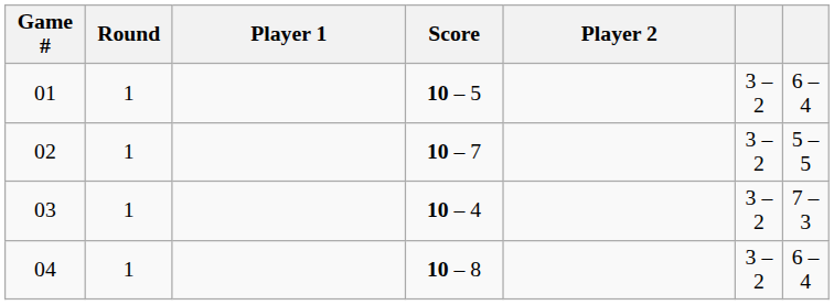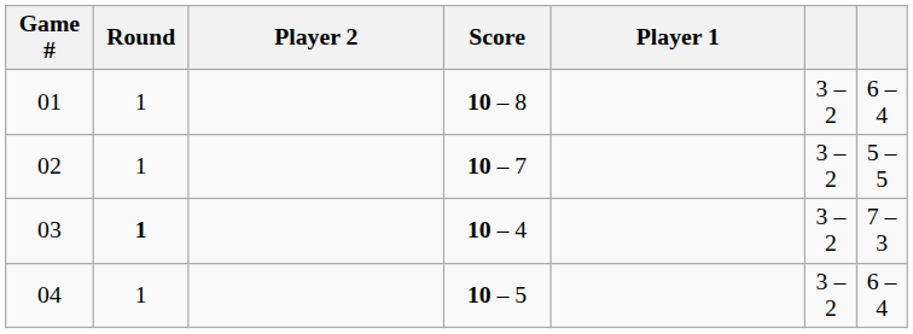 <table class="wikitable">
 <tr>
 <th width="2%">Game #</th>
 <th width="2%">Round</th>
+<th width="15%">Player 2</th>
+<th width="5%">Score</th>
 <th width="15%">Player 1</th>
-<th width="5%">Score</th>
-<th width="15%">Player 2</th>
 <th width="3%"></th>
 <th width="3%"></th>
 </tr>
 <tr style=text-align:center;"background:#;">
 <td>01</td>
 <td>1</td>
+<td></td>
+<td><strong>10</strong> – 8</td>
 <td><strong></strong></td>
-<td><strong>10</strong> – 5</td>
-<td></td>
 <td>3 – 2</td>
 <td>6 – 4</td>
 </tr>
 <tr style=text-align:center;"background:#;">
 <td>02</td>
 <td>1</td>
+<td></td>
+<td><strong>10</strong> – 7</td>
 <td><strong></strong></td>
-<td><strong>10</strong> – 7</td>
-<td></td>
 <td>3 – 2</td>
 <td>5 – 5</td>
 </tr>
 <tr style=text-align:center;"background:#;">
 <td>03</td>
-<td>1</td>
+<td><strong>1</strong></td>
+<td></td>
+<td><strong>10</strong> – 4</td>
 <td><strong></strong></td>
-<td><strong>10</strong> – 4</td>
-<td></td>
 <td>3 – 2</td>
 <td>7 – 3</td>
 </tr>
 <tr style=text-align:center;"background:#;">
 <td>04</td>
 <td>1</td>
+<td></td>
+<td><strong>10</strong> – 5</td>
 <td><strong></strong></td>
-<td><strong>10</strong> – 8</td>
-<td></td>
 <td>3 – 2</td>
 <td>6 – 4</td>
 </tr>
 </table>
